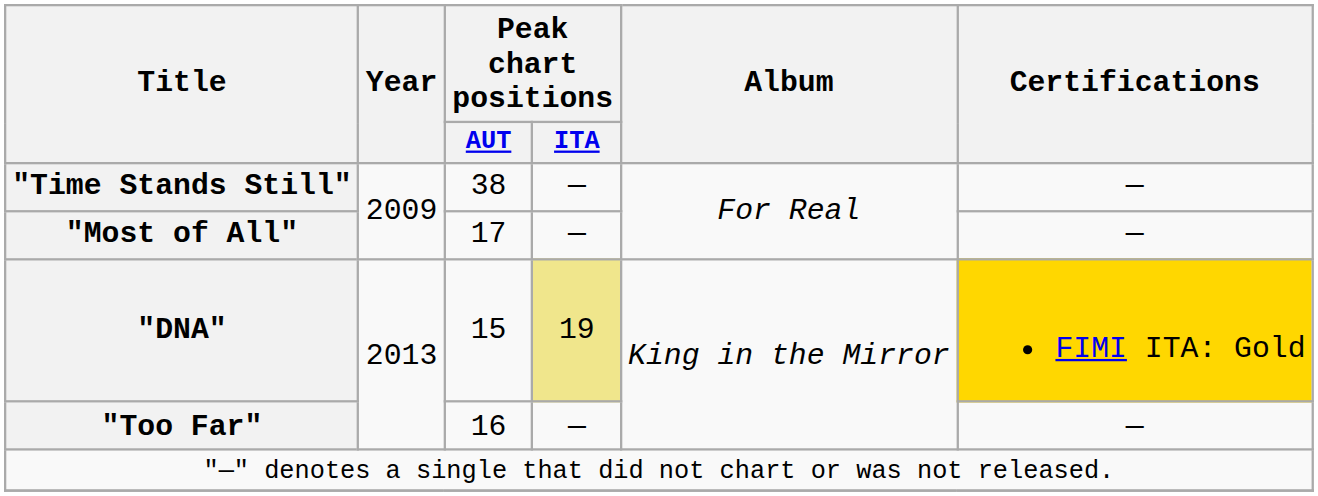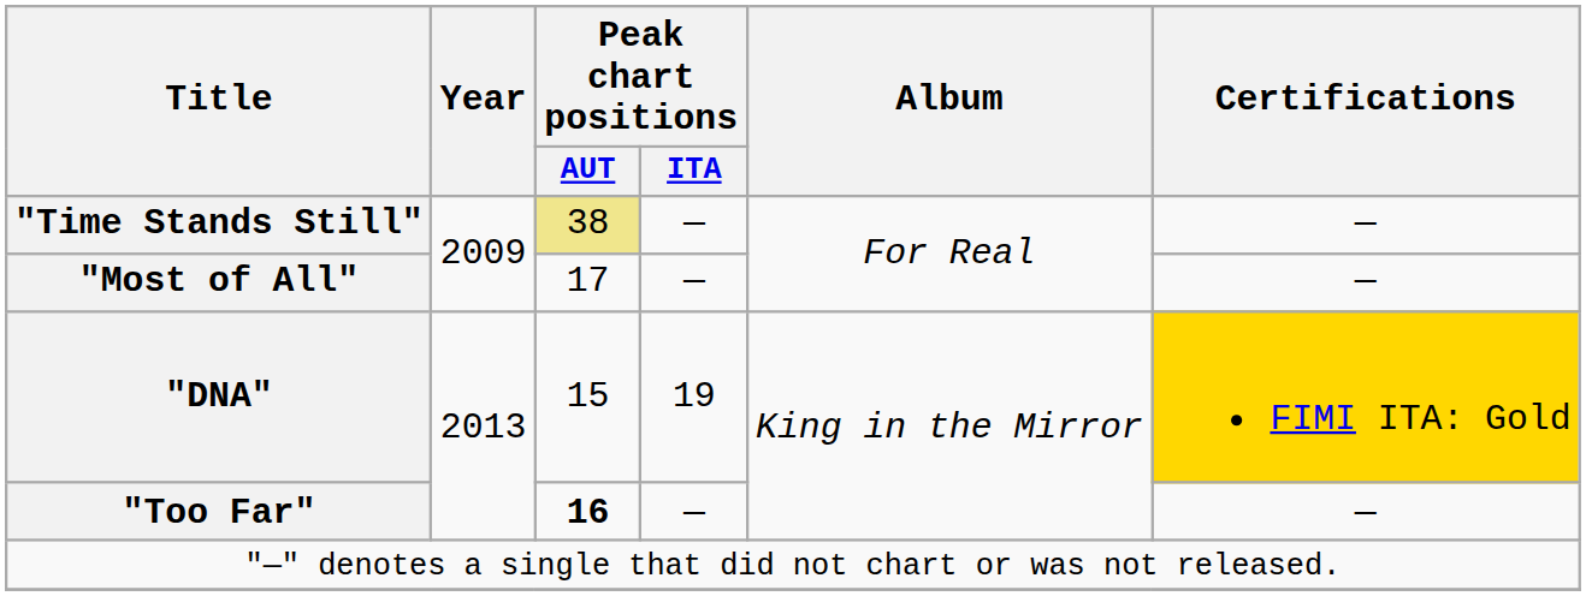 <table class="wikitable plainrowheaders" style="text-align:center;">
 <tr>
 <th scope="col" rowspan="2">Title</th>
 <th scope="col" rowspan="2">Year</th>
 <th scope="col" colspan="2">Peak chart positions</th>
 <th scope="col" rowspan="2">Album</th>
 <th scope="col" rowspan="2">Certifications</th>
 </tr>
 <tr>
 <th scope="col" style="width:3em;font-size:85%;"><a href='#'>AUT</a><br></th>
 <th scope="col" style="width:3em;font-size:85%;"><a href='#'>ITA</a><br></th>
 </tr>
 <tr>
 <th scope="row">"Time Stands Still"</th>
 <td rowspan="2">2009</td>
-<td>38</td>
+<td style="background: khaki;">38</td>
 <td>—</td>
 <td rowspan="2"><em>For Real</em></td>
 <td>—</td>
 </tr>
 <tr>
 <th scope="row">"Most of All"</th>
 <td>17</td>
 <td>—</td>
 <td>—</td>
 </tr>
 <tr>
 <th scope="row">"DNA"</th>
 <td rowspan="2">2013</td>
 <td>15</td>
-<td style="background: khaki;">19</td>
+<td>19</td>
 <td rowspan="2"><em>King in the Mirror</em></td>
 <td style="background: gold;"><br><ul><li><a href='#'>FIMI</a> ITA: Gold</li></ul></td>
 </tr>
 <tr>
 <th scope="row">"Too Far"</th>
-<td>16</td>
+<td><strong>16</strong></td>
 <td>—</td>
 <td>—</td>
 </tr>
 <tr>
 <td colspan="20" style="text-align:center; font-size:85%;">"—" denotes a single that did not chart or was not released.</td>
 </tr>
 <tr>
 </tr>
 </table>
